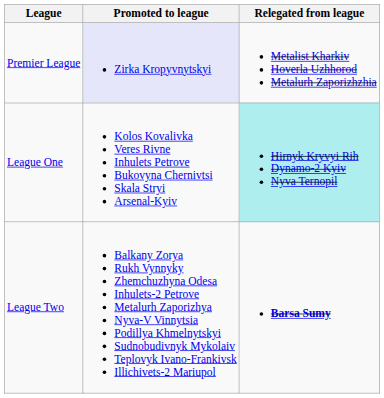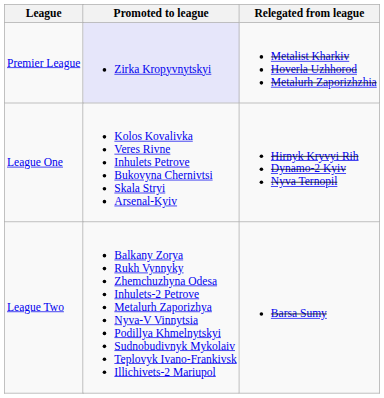 <table class="wikitable">
 <tr>
 <th colspan=2>League</th>
 <th>Promoted to league</th>
 <th>Relegated from league</th>
 </tr>
 <tr>
 <td colspan=2><a href='#'>Premier League</a></td>
 <td style="background: lavender;"><br><ul><li><a href='#'>Zirka Kropyvnytskyi</a></li></ul></td>
 <td><br><ul><li><del><a href='#'>Metalist Kharkiv</a></del></li><li><del><a href='#'>Hoverla Uzhhorod</a></del></li><li><del><a href='#'>Metalurh Zaporizhzhia</a></del></li></ul></td>
 </tr>
 <tr>
 <td colspan=2><a href='#'>League One</a></td>
 <td><br><ul><li><a href='#'>Kolos Kovalivka</a></li><li><a href='#'>Veres Rivne</a></li><li><a href='#'>Inhulets Petrove</a></li><li><a href='#'>Bukovyna Chernivtsi</a></li><li><a href='#'>Skala Stryi</a></li><li><a href='#'>Arsenal-Kyiv</a></li></ul></td>
-<td style="background: paleturquoise;"><br><ul><li><del><a href='#'>Hirnyk Kryvyi Rih</a></del></li><li><del><a href='#'>Dynamo-2 Kyiv</a></del></li><li><del><a href='#'>Nyva Ternopil</a></del></li></ul></td>
+<td><br><ul><li><del><a href='#'>Hirnyk Kryvyi Rih</a></del></li><li><del><a href='#'>Dynamo-2 Kyiv</a></del></li><li><del><a href='#'>Nyva Ternopil</a></del></li></ul></td>
 </tr>
 <tr>
 <td colspan=2><a href='#'>League Two</a></td>
 <td><br><ul><li><a href='#'>Balkany Zorya</a></li><li><a href='#'>Rukh Vynnyky</a></li><li><a href='#'>Zhemchuzhyna Odesa</a></li><li><a href='#'>Inhulets-2 Petrove</a></li><li><a href='#'>Metalurh Zaporizhya</a></li><li><a href='#'>Nyva-V Vinnytsia</a></li><li><a href='#'>Podillya Khmelnytskyi</a></li><li><a href='#'>Sudnobudivnyk Mykolaiv</a></li><li><a href='#'>Teplovyk Ivano-Frankivsk</a></li><li><a href='#'>Illichivets-2 Mariupol</a></li></ul></td>
-<td><strong><br><ul><li><del><a href='#'>Barsa Sumy</a></del></li></ul></strong></td>
+<td><br><ul><li><del><a href='#'>Barsa Sumy</a></del></li></ul></td>
 </tr>
 </table>
